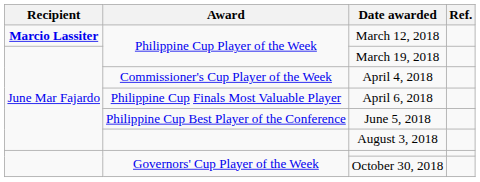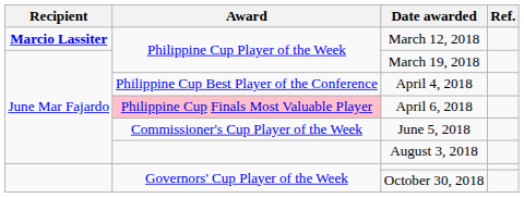 <table class="wikitable sortable sortable" style="text-align: center">
 <tr>
 <th>Recipient</th>
 <th>Award</th>
 <th>Date awarded</th>
 <th>Ref.</th>
 </tr>
 <tr>
 <td><strong><a href='#'>Marcio Lassiter</a></strong></td>
 <td rowspan=2><a href='#'>Philippine Cup Player of the Week</a></td>
 <td>March 12, 2018</td>
 <td></td>
 </tr>
 <tr>
 <td rowspan=5><a href='#'>June Mar Fajardo</a></td>
 <td>March 19, 2018</td>
 <td></td>
 </tr>
 <tr>
-<td><a href='#'>Commissioner's Cup Player of the Week</a></td>
+<td><a href='#'>Philippine Cup Best Player of the Conference</a></td>
 <td>April 4, 2018</td>
 <td></td>
 </tr>
 <tr>
-<td><a href='#'>Philippine Cup</a> <a href='#'>Finals Most Valuable Player</a></td>
+<td style="background: pink;"><a href='#'>Philippine Cup</a> <a href='#'>Finals Most Valuable Player</a></td>
 <td>April 6, 2018</td>
 <td></td>
 </tr>
 <tr>
-<td><a href='#'>Philippine Cup Best Player of the Conference</a></td>
+<td><a href='#'>Commissioner's Cup Player of the Week</a></td>
 <td>June 5, 2018</td>
 <td></td>
 </tr>
 <tr>
 <td></td>
 <td>August 3, 2018</td>
 <td></td>
 </tr>
 <tr>
 <td rowspan=2></td>
 <td rowspan=2><a href='#'>Governors' Cup Player of the Week</a></td>
 <td></td>
 <td></td>
 </tr>
 <tr>
 <td>October 30, 2018</td>
 <td></td>
 </tr>
 </table>
